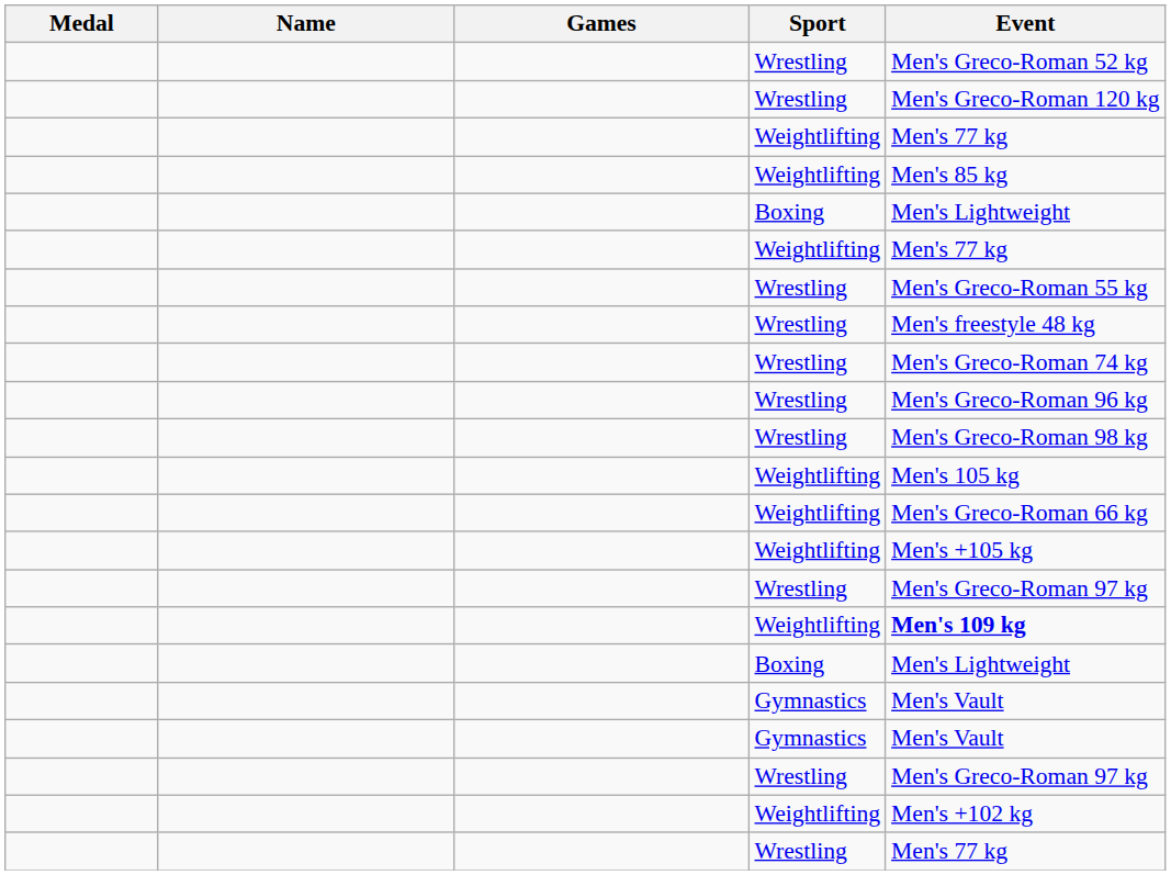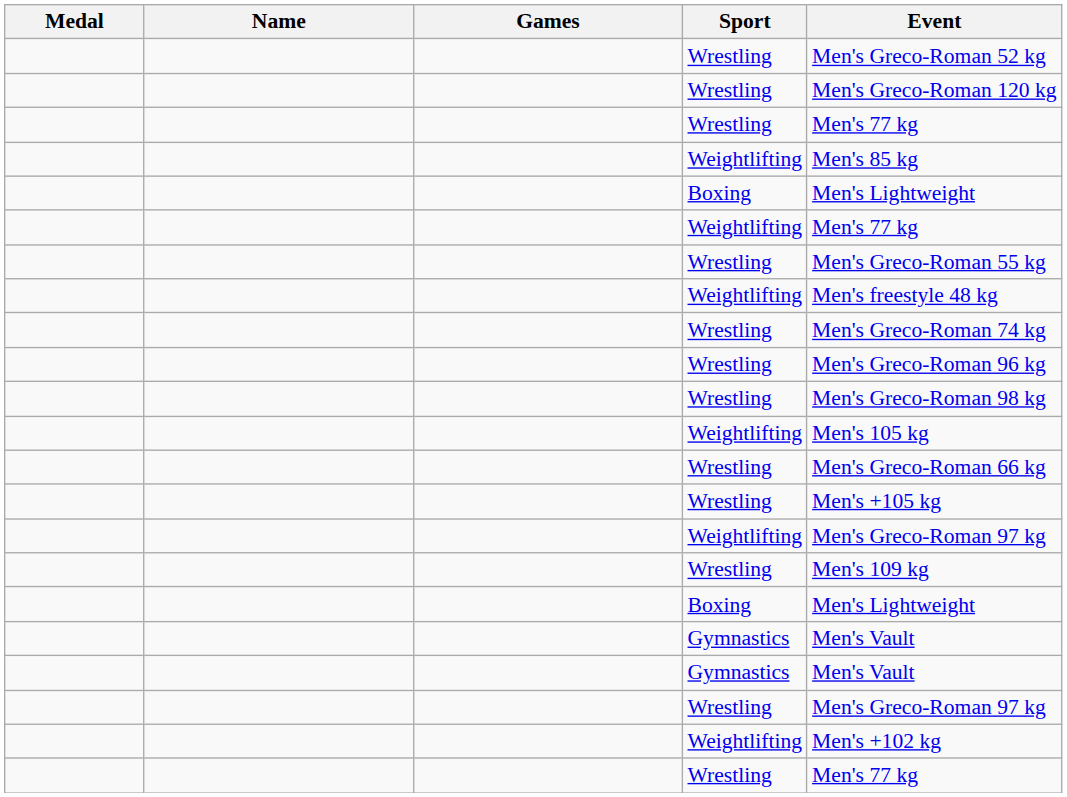 <table class="wikitable sortable">
 <tr>
 <th style="width:6em">Medal</th>
 <th style="width:12em">Name</th>
 <th style="width:12em">Games</th>
 <th>Sport</th>
 <th>Event</th>
 </tr>
 <tr>
 <td></td>
 <td></td>
 <td></td>
 <td> <a href='#'>Wrestling</a></td>
 <td><a href='#'>Men's Greco-Roman 52 kg</a></td>
 </tr>
 <tr>
 <td></td>
 <td></td>
 <td></td>
 <td> <a href='#'>Wrestling</a></td>
 <td><a href='#'>Men's Greco-Roman 120 kg</a></td>
 </tr>
 <tr>
 <td></td>
 <td></td>
 <td></td>
-<td> <a href='#'>Weightlifting</a></td>
+<td> <a href='#'>Wrestling</a></td>
 <td><a href='#'>Men's 77 kg</a></td>
 </tr>
 <tr>
 <td></td>
 <td></td>
 <td></td>
 <td>  <a href='#'>Weightlifting</a></td>
 <td><a href='#'>Men's 85 kg</a></td>
 </tr>
 <tr>
 <td></td>
 <td></td>
 <td></td>
 <td> <a href='#'>Boxing</a></td>
 <td><a href='#'>Men's Lightweight</a></td>
 </tr>
 <tr>
 <td></td>
 <td></td>
 <td></td>
 <td> <a href='#'>Weightlifting</a></td>
 <td><a href='#'>Men's 77 kg</a></td>
 </tr>
 <tr>
 <td></td>
 <td></td>
 <td></td>
 <td> <a href='#'>Wrestling</a></td>
 <td><a href='#'>Men's Greco-Roman 55 kg</a></td>
 </tr>
 <tr>
 <td></td>
 <td></td>
 <td></td>
-<td> <a href='#'>Wrestling</a></td>
+<td> <a href='#'>Weightlifting</a></td>
 <td><a href='#'>Men's freestyle 48 kg</a></td>
 </tr>
 <tr>
 <td></td>
 <td></td>
 <td></td>
 <td> <a href='#'>Wrestling</a></td>
 <td><a href='#'>Men's Greco-Roman 74 kg</a></td>
 </tr>
 <tr>
 <td></td>
 <td></td>
 <td></td>
 <td> <a href='#'>Wrestling</a></td>
 <td><a href='#'>Men's Greco-Roman 96 kg</a></td>
 </tr>
 <tr>
 <td></td>
 <td></td>
 <td></td>
 <td> <a href='#'>Wrestling</a></td>
 <td><a href='#'>Men's Greco-Roman 98 kg</a></td>
 </tr>
 <tr>
 <td></td>
 <td></td>
 <td></td>
 <td> <a href='#'>Weightlifting</a></td>
 <td><a href='#'>Men's 105 kg</a></td>
 </tr>
 <tr>
 <td></td>
 <td></td>
 <td></td>
-<td> <a href='#'>Weightlifting</a></td>
+<td> <a href='#'>Wrestling</a></td>
 <td><a href='#'>Men's Greco-Roman 66 kg</a></td>
 </tr>
 <tr>
 <td></td>
 <td></td>
 <td></td>
-<td> <a href='#'>Weightlifting</a></td>
+<td> <a href='#'>Wrestling</a></td>
 <td><a href='#'>Men's +105 kg</a></td>
 </tr>
 <tr>
 <td></td>
 <td></td>
 <td></td>
-<td> <a href='#'>Wrestling</a></td>
+<td> <a href='#'>Weightlifting</a></td>
 <td><a href='#'>Men's Greco-Roman 97 kg</a></td>
 </tr>
 <tr>
 <td></td>
 <td></td>
 <td></td>
-<td> <a href='#'>Weightlifting</a></td>
-<td><strong><a href='#'>Men's 109 kg</a></strong></td>
+<td> <a href='#'>Wrestling</a></td>
+<td><a href='#'>Men's 109 kg</a></td>
 </tr>
 <tr>
 <td></td>
 <td></td>
 <td></td>
 <td> <a href='#'>Boxing</a></td>
 <td><a href='#'>Men's Lightweight</a></td>
 </tr>
 <tr>
 <td></td>
 <td></td>
 <td></td>
 <td> <a href='#'>Gymnastics</a></td>
 <td><a href='#'>Men's Vault</a></td>
 </tr>
 <tr>
 <td></td>
 <td></td>
 <td></td>
 <td> <a href='#'>Gymnastics</a></td>
 <td><a href='#'>Men's Vault</a></td>
 </tr>
 <tr>
 <td></td>
 <td></td>
 <td></td>
 <td> <a href='#'>Wrestling</a></td>
 <td><a href='#'>Men's Greco-Roman 97 kg</a></td>
 </tr>
 <tr>
 <td></td>
 <td></td>
 <td></td>
 <td> <a href='#'>Weightlifting</a></td>
 <td><a href='#'>Men's +102 kg</a></td>
 </tr>
 <tr>
 <td></td>
 <td></td>
 <td></td>
 <td> <a href='#'>Wrestling</a></td>
 <td><a href='#'>Men's 77 kg</a></td>
 </tr>
 </table>
